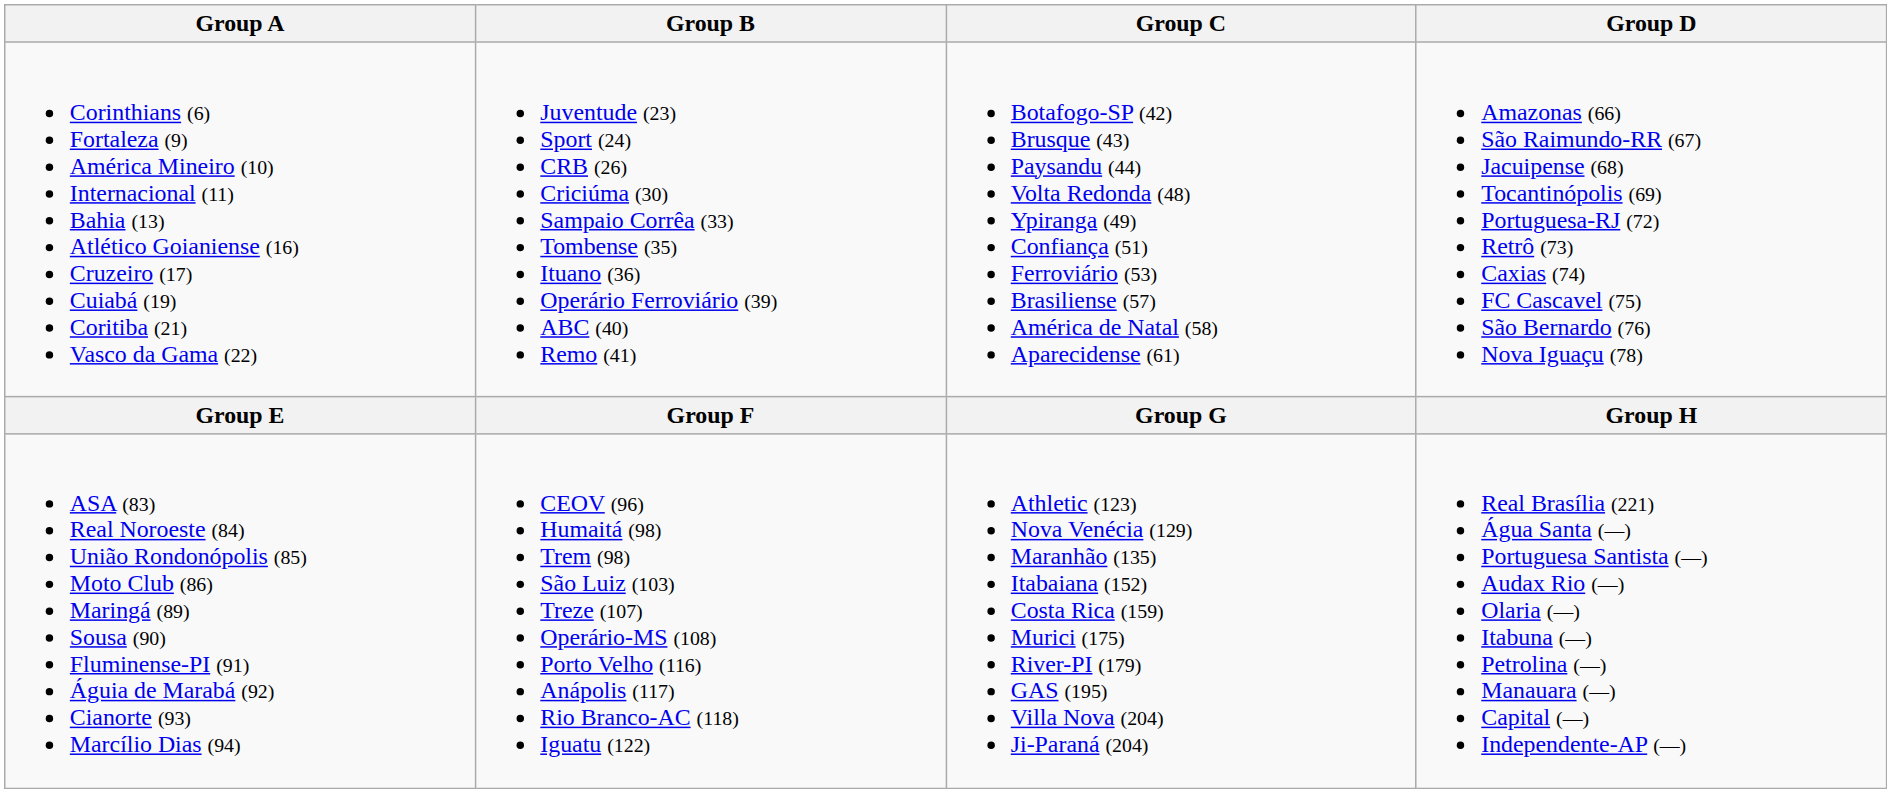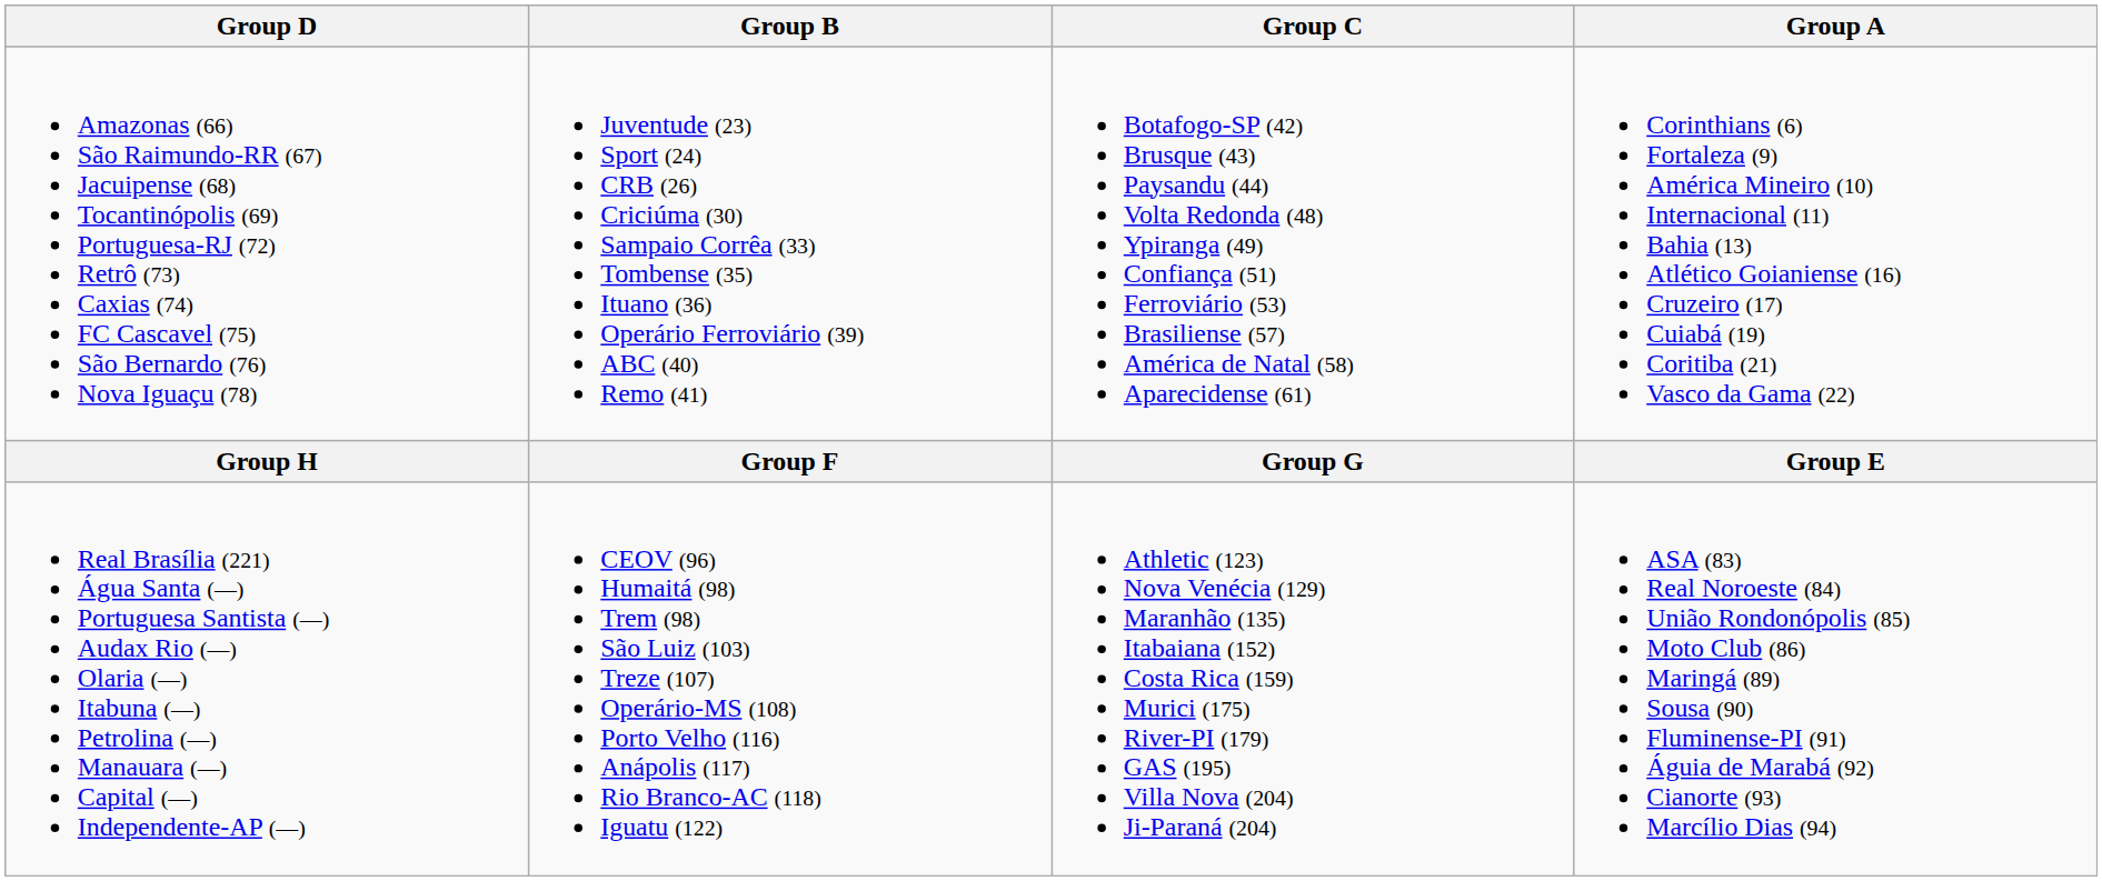 <table class="wikitable" width="100%">
 <tr>
-<th width="25%">Group A</th>
+<th width="25%">Group D</th>
 <th width="25%">Group B</th>
 <th width="25%">Group C</th>
-<th width="25%">Group D</th>
+<th width="25%">Group A</th>
 </tr>
 <tr>
-<td><br><ul><li><a href='#'>Corinthians</a> <small>(6)</small></li><li><a href='#'>Fortaleza</a> <small>(9)</small></li><li><a href='#'>América Mineiro</a> <small>(10)</small></li><li><a href='#'>Internacional</a> <small>(11)</small></li><li><a href='#'>Bahia</a> <small>(13)</small></li><li><a href='#'>Atlético Goianiense</a> <small>(16)</small></li><li><a href='#'>Cruzeiro</a> <small>(17)</small></li><li><a href='#'>Cuiabá</a> <small>(19)</small></li><li><a href='#'>Coritiba</a> <small>(21)</small></li><li><a href='#'>Vasco da Gama</a> <small>(22)</small></li></ul></td>
+<td><br><ul><li><a href='#'>Amazonas</a> <small>(66)</small></li><li><a href='#'>São Raimundo-RR</a> <small>(67)</small></li><li><a href='#'>Jacuipense</a> <small>(68)</small></li><li><a href='#'>Tocantinópolis</a> <small>(69)</small></li><li><a href='#'>Portuguesa-RJ</a> <small>(72)</small></li><li><a href='#'>Retrô</a> <small>(73)</small></li><li><a href='#'>Caxias</a> <small>(74)</small></li><li><a href='#'>FC Cascavel</a> <small>(75)</small></li><li><a href='#'>São Bernardo</a> <small>(76)</small></li><li><a href='#'>Nova Iguaçu</a> <small>(78)</small></li></ul></td>
 <td><br><ul><li><a href='#'>Juventude</a> <small>(23)</small></li><li><a href='#'>Sport</a> <small>(24)</small></li><li><a href='#'>CRB</a> <small>(26)</small></li><li><a href='#'>Criciúma</a> <small>(30)</small></li><li><a href='#'>Sampaio Corrêa</a> <small>(33)</small></li><li><a href='#'>Tombense</a> <small>(35)</small></li><li><a href='#'>Ituano</a> <small>(36)</small></li><li><a href='#'>Operário Ferroviário</a> <small>(39)</small></li><li><a href='#'>ABC</a> <small>(40)</small></li><li><a href='#'>Remo</a> <small>(41)</small></li></ul></td>
 <td><br><ul><li><a href='#'>Botafogo-SP</a> <small>(42)</small></li><li><a href='#'>Brusque</a> <small>(43)</small></li><li><a href='#'>Paysandu</a> <small>(44)</small></li><li><a href='#'>Volta Redonda</a> <small>(48)</small></li><li><a href='#'>Ypiranga</a> <small>(49)</small></li><li><a href='#'>Confiança</a> <small>(51)</small></li><li><a href='#'>Ferroviário</a> <small>(53)</small></li><li><a href='#'>Brasiliense</a> <small>(57)</small></li><li><a href='#'>América de Natal</a> <small>(58)</small></li><li><a href='#'>Aparecidense</a> <small>(61)</small></li></ul></td>
-<td><br><ul><li><a href='#'>Amazonas</a> <small>(66)</small></li><li><a href='#'>São Raimundo-RR</a> <small>(67)</small></li><li><a href='#'>Jacuipense</a> <small>(68)</small></li><li><a href='#'>Tocantinópolis</a> <small>(69)</small></li><li><a href='#'>Portuguesa-RJ</a> <small>(72)</small></li><li><a href='#'>Retrô</a> <small>(73)</small></li><li><a href='#'>Caxias</a> <small>(74)</small></li><li><a href='#'>FC Cascavel</a> <small>(75)</small></li><li><a href='#'>São Bernardo</a> <small>(76)</small></li><li><a href='#'>Nova Iguaçu</a> <small>(78)</small></li></ul></td>
+<td><br><ul><li><a href='#'>Corinthians</a> <small>(6)</small></li><li><a href='#'>Fortaleza</a> <small>(9)</small></li><li><a href='#'>América Mineiro</a> <small>(10)</small></li><li><a href='#'>Internacional</a> <small>(11)</small></li><li><a href='#'>Bahia</a> <small>(13)</small></li><li><a href='#'>Atlético Goianiense</a> <small>(16)</small></li><li><a href='#'>Cruzeiro</a> <small>(17)</small></li><li><a href='#'>Cuiabá</a> <small>(19)</small></li><li><a href='#'>Coritiba</a> <small>(21)</small></li><li><a href='#'>Vasco da Gama</a> <small>(22)</small></li></ul></td>
 </tr>
 <tr>
-<th>Group E</th>
+<th>Group H</th>
 <th>Group F</th>
 <th>Group G</th>
-<th>Group H</th>
+<th>Group E</th>
 </tr>
 <tr>
-<td><br><ul><li><a href='#'>ASA</a> <small>(83)</small></li><li><a href='#'>Real Noroeste</a> <small>(84)</small></li><li><a href='#'>União Rondonópolis</a> <small>(85)</small></li><li><a href='#'>Moto Club</a> <small>(86)</small></li><li><a href='#'>Maringá</a> <small>(89)</small></li><li><a href='#'>Sousa</a> <small>(90)</small></li><li><a href='#'>Fluminense-PI</a> <small>(91)</small></li><li><a href='#'>Águia de Marabá</a> <small>(92)</small></li><li><a href='#'>Cianorte</a> <small>(93)</small></li><li><a href='#'>Marcílio Dias</a> <small>(94)</small></li></ul></td>
+<td><br><ul><li><a href='#'>Real Brasília</a> <small>(221)</small></li><li><a href='#'>Água Santa</a> <small>(—)</small></li><li><a href='#'>Portuguesa Santista</a> <small>(—)</small></li><li><a href='#'>Audax Rio</a> <small>(—)</small></li><li><a href='#'>Olaria</a> <small>(—)</small></li><li><a href='#'>Itabuna</a> <small>(—)</small></li><li><a href='#'>Petrolina</a> <small>(—)</small></li><li><a href='#'>Manauara</a> <small>(—)</small></li><li><a href='#'>Capital</a> <small>(—)</small></li><li><a href='#'>Independente-AP</a> <small>(—)</small></li></ul></td>
 <td><br><ul><li><a href='#'>CEOV</a> <small>(96)</small></li><li><a href='#'>Humaitá</a> <small>(98)</small></li><li><a href='#'>Trem</a> <small>(98)</small></li><li><a href='#'>São Luiz</a> <small>(103)</small></li><li><a href='#'>Treze</a> <small>(107)</small></li><li><a href='#'>Operário-MS</a> <small>(108)</small></li><li><a href='#'>Porto Velho</a> <small>(116)</small></li><li><a href='#'>Anápolis</a> <small>(117)</small></li><li><a href='#'>Rio Branco-AC</a> <small>(118)</small></li><li><a href='#'>Iguatu</a> <small>(122)</small></li></ul></td>
 <td><br><ul><li><a href='#'>Athletic</a> <small>(123)</small></li><li><a href='#'>Nova Venécia</a> <small>(129)</small></li><li><a href='#'>Maranhão</a> <small>(135)</small></li><li><a href='#'>Itabaiana</a> <small>(152)</small></li><li><a href='#'>Costa Rica</a> <small>(159)</small></li><li><a href='#'>Murici</a> <small>(175)</small></li><li><a href='#'>River-PI</a> <small>(179)</small></li><li><a href='#'>GAS</a> <small>(195)</small></li><li><a href='#'>Villa Nova</a> <small>(204)</small></li><li><a href='#'>Ji-Paraná</a> <small>(204)</small></li></ul></td>
-<td><br><ul><li><a href='#'>Real Brasília</a> <small>(221)</small></li><li><a href='#'>Água Santa</a> <small>(—)</small></li><li><a href='#'>Portuguesa Santista</a> <small>(—)</small></li><li><a href='#'>Audax Rio</a> <small>(—)</small></li><li><a href='#'>Olaria</a> <small>(—)</small></li><li><a href='#'>Itabuna</a> <small>(—)</small></li><li><a href='#'>Petrolina</a> <small>(—)</small></li><li><a href='#'>Manauara</a> <small>(—)</small></li><li><a href='#'>Capital</a> <small>(—)</small></li><li><a href='#'>Independente-AP</a> <small>(—)</small></li></ul></td>
+<td><br><ul><li><a href='#'>ASA</a> <small>(83)</small></li><li><a href='#'>Real Noroeste</a> <small>(84)</small></li><li><a href='#'>União Rondonópolis</a> <small>(85)</small></li><li><a href='#'>Moto Club</a> <small>(86)</small></li><li><a href='#'>Maringá</a> <small>(89)</small></li><li><a href='#'>Sousa</a> <small>(90)</small></li><li><a href='#'>Fluminense-PI</a> <small>(91)</small></li><li><a href='#'>Águia de Marabá</a> <small>(92)</small></li><li><a href='#'>Cianorte</a> <small>(93)</small></li><li><a href='#'>Marcílio Dias</a> <small>(94)</small></li></ul></td>
 </tr>
 </table>
